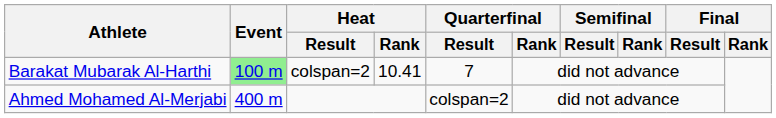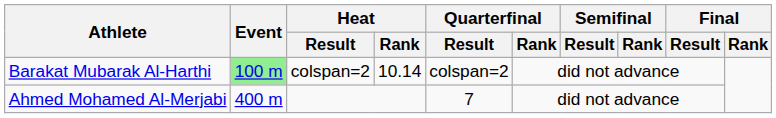 <table class="wikitable" style="font-size:90%">
 <tr>
 <th rowspan=2>Athlete</th>
 <th rowspan=2>Event</th>
 <th colspan="2">Heat</th>
 <th colspan="2">Quarterfinal</th>
 <th colspan="2">Semifinal</th>
 <th colspan="2">Final</th>
 </tr>
 <tr style="font-size:95%">
 <th>Result</th>
 <th>Rank</th>
 <th>Result</th>
 <th>Rank</th>
 <th>Result</th>
 <th>Rank</th>
 <th>Result</th>
 <th>Rank</th>
 </tr>
 <tr align=center>
 <td align=left><a href='#'>Barakat Mubarak Al-Harthi</a></td>
 <td align=left style="background: lightgreen;"><a href='#'>100 m</a></td>
 <td>colspan=2 </td>
-<td>10.41</td>
-<td>7</td>
+<td>10.14</td>
+<td>colspan=2 </td>
 <td colspan=4>did not advance</td>
 </tr>
 <tr align=center>
 <td align=left><a href='#'>Ahmed Mohamed Al-Merjabi</a></td>
 <td align=left><a href='#'>400 m</a></td>
 <td colspan=2></td>
-<td>colspan=2 </td>
+<td>7</td>
 <td colspan=4>did not advance</td>
 </tr>
 </table>
